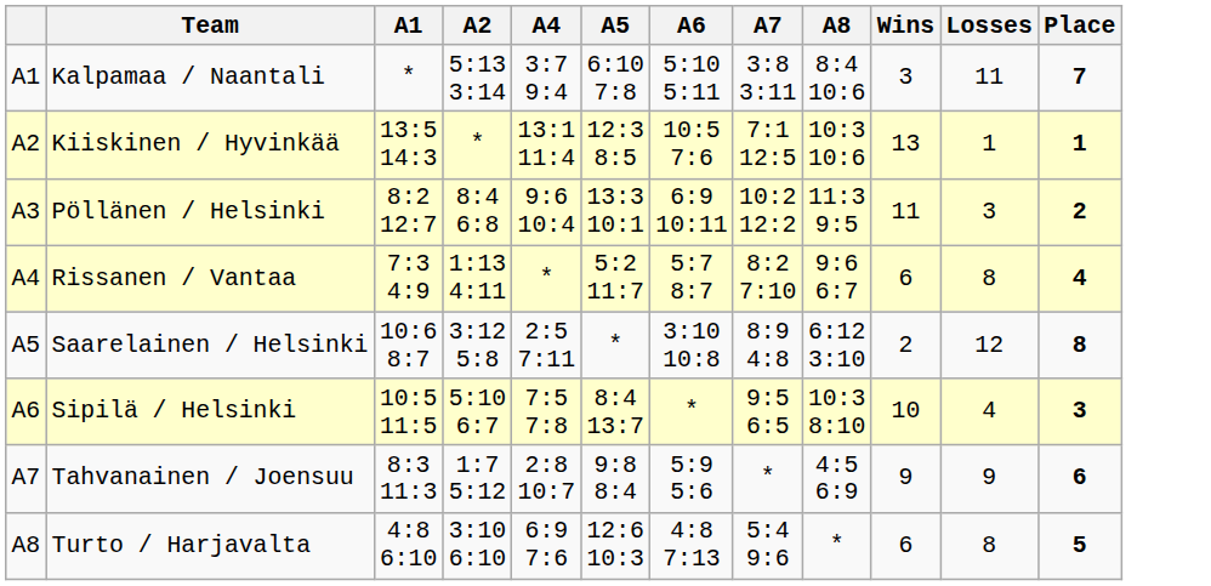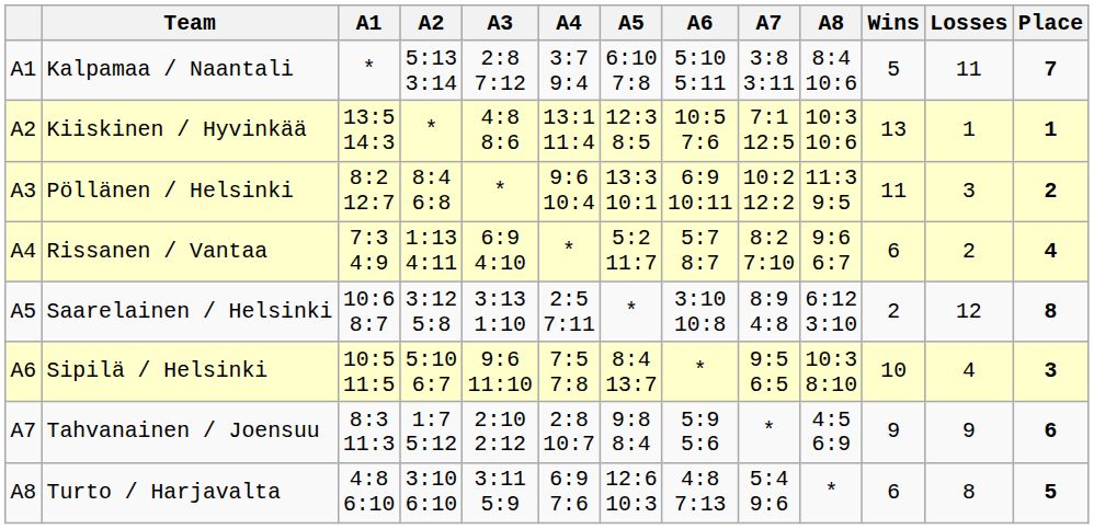 <table class="wikitable" style="text-align:center;">
 <tr>
 <th></th>
 <th>Team</th>
 <th width="25">A1</th>
 <th width="25">A2</th>
+<th width="25">A3</th>
 <th width="25">A4</th>
 <th width="25">A5</th>
 <th width="25">A6</th>
 <th width="25">A7</th>
 <th width="25">A8</th>
 <th width="20">Wins</th>
 <th width="20">Losses</th>
 <th>Place</th>
 </tr>
 <tr>
 <td>A1</td>
 <td align=left>Kalpamaa / Naantali</td>
 <td>*</td>
 <td>5:13<br>3:14</td>
+<td>2:8<br>7:12</td>
 <td>3:7<br> 9:4</td>
 <td>6:10<br> 7:8</td>
 <td>5:10<br>5:11</td>
 <td>3:8<br>3:11</td>
 <td>8:4<br>10:6</td>
-<td>3</td>
+<td>5</td>
 <td>11</td>
 <td><strong>7</strong></td>
 </tr>
 <tr bgcolor=#ffc>
 <td>A2</td>
 <td align=left>Kiiskinen / Hyvinkää</td>
 <td>13:5<br>14:3</td>
 <td>*</td>
+<td>4:8<br> 8:6</td>
 <td>13:1<br>11:4</td>
 <td>12:3<br> 8:5</td>
 <td>10:5<br> 7:6</td>
 <td>7:1<br>12:5</td>
 <td>10:3<br>10:6</td>
 <td>13</td>
 <td>1</td>
 <td><strong>1</strong></td>
 </tr>
 <tr bgcolor=#ffc>
 <td>A3</td>
 <td align=left>Pöllänen / Helsinki</td>
 <td>8:2<br>12:7</td>
 <td>8:4<br> 6:8</td>
+<td>*</td>
 <td>9:6<br>10:4</td>
 <td>13:3<br>10:1</td>
 <td>6:9<br>10:11</td>
 <td>10:2<br>12:2</td>
 <td>11:3<br> 9:5</td>
 <td>11</td>
 <td>3</td>
 <td><strong>2</strong></td>
 </tr>
 <tr bgcolor=#ffc>
 <td>A4</td>
 <td align=left>Rissanen / Vantaa</td>
 <td>7:3<br> 4:9</td>
 <td>1:13<br>4:11</td>
+<td>6:9<br>4:10</td>
 <td>*</td>
 <td>5:2<br>11:7</td>
 <td>5:7<br> 8:7</td>
 <td>8:2<br>7:10</td>
 <td>9:6<br> 6:7</td>
 <td>6</td>
-<td>8</td>
+<td>2</td>
 <td><strong>4</strong></td>
 </tr>
 <tr>
 <td>A5</td>
 <td align=left>Saarelainen / Helsinki</td>
 <td>10:6<br> 8:7</td>
 <td>3:12<br> 5:8</td>
+<td>3:13<br>1:10</td>
 <td>2:5<br>7:11</td>
 <td>*</td>
 <td>3:10<br>10:8</td>
 <td>8:9<br> 4:8</td>
 <td>6:12<br>3:10</td>
 <td>2</td>
 <td>12</td>
 <td><strong>8</strong></td>
 </tr>
 <tr bgcolor=#ffc>
 <td>A6</td>
 <td align=left>Sipilä / Helsinki</td>
 <td>10:5<br>11:5</td>
 <td>5:10<br> 6:7</td>
+<td>9:6<br>11:10</td>
 <td>7:5<br> 7:8</td>
 <td>8:4<br>13:7</td>
 <td>*</td>
 <td>9:5<br> 6:5</td>
 <td>10:3<br>8:10</td>
 <td>10</td>
 <td>4</td>
 <td><strong>3</strong></td>
 </tr>
 <tr>
 <td>A7</td>
 <td align=left>Tahvanainen / Joensuu</td>
 <td>8:3<br>11:3</td>
 <td>1:7<br>5:12</td>
+<td>2:10<br>2:12</td>
 <td>2:8<br>10:7</td>
 <td>9:8<br> 8:4</td>
 <td>5:9<br> 5:6</td>
 <td>*</td>
 <td>4:5<br> 6:9</td>
 <td>9</td>
 <td>9</td>
 <td><strong>6</strong></td>
 </tr>
 <tr>
 <td>A8</td>
 <td align=left>Turto / Harjavalta</td>
 <td>4:8<br>6:10</td>
 <td>3:10<br>6:10</td>
+<td>3:11<br> 5:9</td>
 <td>6:9<br> 7:6</td>
 <td>12:6<br>10:3</td>
 <td>4:8<br>7:13</td>
 <td>5:4<br> 9:6</td>
 <td>*</td>
 <td>6</td>
 <td>8</td>
 <td><strong>5</strong></td>
 </tr>
 </table>
